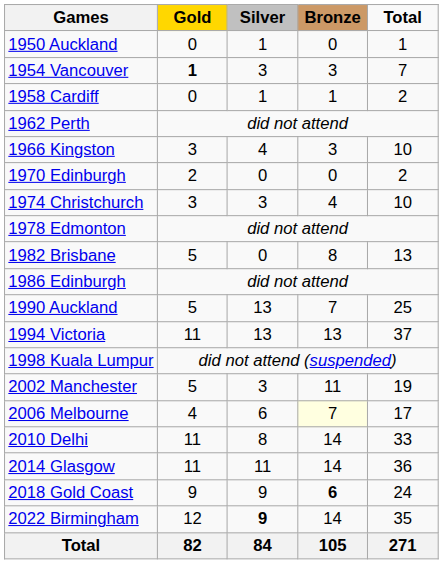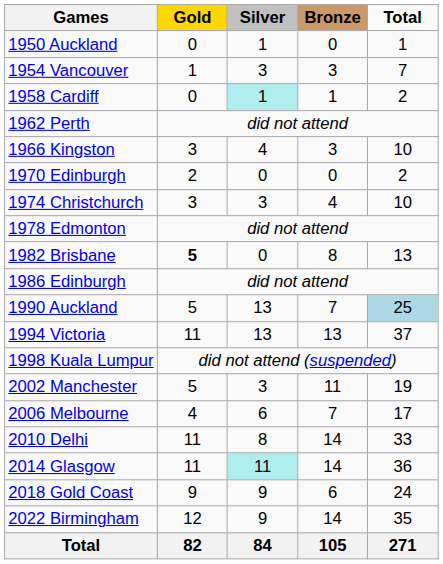 <table class="wikitable" style="text-align:center">
 <tr>
 <th>Games</th>
 <td width=60 bgcolor=gold><strong>Gold</strong></td>
 <td width=60 bgcolor=silver><strong>Silver</strong></td>
 <td width=60 bgcolor=cc9966><strong>Bronze</strong></td>
 <td width=60><strong>Total</strong></td>
 </tr>
 <tr>
 <td align=left><a href='#'>1950 Auckland</a></td>
 <td>0</td>
 <td>1</td>
 <td>0</td>
 <td>1</td>
 </tr>
 <tr>
 <td align=left><a href='#'>1954 Vancouver</a></td>
-<td><strong>1</strong></td>
+<td>1</td>
 <td>3</td>
 <td>3</td>
 <td>7</td>
 </tr>
 <tr>
 <td align=left><a href='#'>1958 Cardiff</a></td>
 <td>0</td>
-<td>1</td>
+<td style="background: paleturquoise;">1</td>
 <td>1</td>
 <td>2</td>
 </tr>
 <tr>
 <td align=left><a href='#'>1962 Perth</a></td>
 <td colspan=4><em>did not attend</em></td>
 </tr>
 <tr>
 <td align=left><a href='#'>1966 Kingston</a></td>
 <td>3</td>
 <td>4</td>
 <td>3</td>
 <td>10</td>
 </tr>
 <tr>
 <td align=left><a href='#'>1970 Edinburgh</a></td>
 <td>2</td>
 <td>0</td>
 <td>0</td>
 <td>2</td>
 </tr>
 <tr>
 <td align=left><a href='#'>1974 Christchurch</a></td>
 <td>3</td>
 <td>3</td>
 <td>4</td>
 <td>10</td>
 </tr>
 <tr>
 <td align=left><a href='#'>1978 Edmonton</a></td>
 <td colspan=4><em>did not attend</em></td>
 </tr>
 <tr>
 <td align=left><a href='#'>1982 Brisbane</a></td>
-<td>5</td>
+<td><strong>5</strong></td>
 <td>0</td>
 <td>8</td>
 <td>13</td>
 </tr>
 <tr>
 <td align=left><a href='#'>1986 Edinburgh</a></td>
 <td colspan=4><em>did not attend</em></td>
 </tr>
 <tr>
 <td align=left><a href='#'>1990 Auckland</a></td>
 <td>5</td>
 <td>13</td>
 <td>7</td>
-<td>25</td>
+<td style="background: lightblue;">25</td>
 </tr>
 <tr>
 <td align=left><a href='#'>1994 Victoria</a></td>
 <td>11</td>
 <td>13</td>
 <td>13</td>
 <td>37</td>
 </tr>
 <tr>
 <td align=left><a href='#'>1998 Kuala Lumpur</a></td>
 <td colspan=4><em>did not attend (<a href='#'>suspended</a>)</em></td>
 </tr>
 <tr>
 <td align=left><a href='#'>2002 Manchester</a></td>
 <td>5</td>
 <td>3</td>
 <td>11</td>
 <td>19</td>
 </tr>
 <tr>
 <td align=left><a href='#'>2006 Melbourne</a></td>
 <td>4</td>
 <td>6</td>
-<td style="background: lightyellow;">7</td>
+<td>7</td>
 <td>17</td>
 </tr>
 <tr>
 <td align=left><a href='#'>2010 Delhi</a></td>
 <td>11</td>
 <td>8</td>
 <td>14</td>
 <td>33</td>
 </tr>
 <tr>
 <td align=left><a href='#'>2014 Glasgow</a></td>
 <td>11</td>
-<td>11</td>
+<td style="background: paleturquoise;">11</td>
 <td>14</td>
 <td>36</td>
 </tr>
 <tr>
 <td align=left><a href='#'>2018 Gold Coast</a></td>
 <td>9</td>
 <td>9</td>
-<td><strong>6</strong></td>
+<td>6</td>
 <td>24</td>
 </tr>
 <tr>
 <td align=left><a href='#'>2022 Birmingham</a></td>
 <td>12</td>
-<td><strong>9</strong></td>
+<td>9</td>
 <td>14</td>
 <td>35</td>
 </tr>
 <tr>
 <th>Total</th>
 <th>82</th>
 <th>84</th>
 <th>105</th>
 <th>271</th>
 </tr>
 </table>
